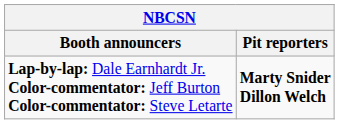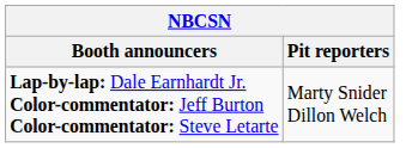 <table class="wikitable" style="font-size: 95%">
 <tr>
 <th colspan="2"><a href='#'>NBCSN</a></th>
 </tr>
 <tr>
 <th>Booth announcers</th>
 <th>Pit reporters</th>
 </tr>
 <tr>
 <td><strong>Lap-by-lap:</strong> <a href='#'>Dale Earnhardt Jr.</a><br><strong>Color-commentator:</strong> <a href='#'>Jeff Burton</a><br><strong>Color-commentator:</strong> <a href='#'>Steve Letarte</a></td>
-<td><strong>Marty Snider<br>Dillon Welch</strong></td>
+<td>Marty Snider<br>Dillon Welch</td>
 </tr>
 </table>
